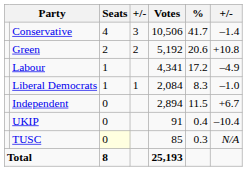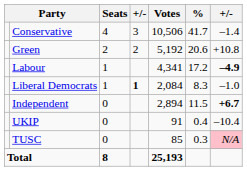 <table class="wikitable sortable">
 <tr>
 <th colspan="2">Party</th>
 <th>Seats</th>
 <th>+/-</th>
 <th>Votes</th>
 <th>%</th>
 <th>+/-</th>
 </tr>
 <tr>
 <td style="background-color: "></td>
 <td><a href='#'>Conservative</a></td>
 <td>4</td>
 <td> 3</td>
 <td style="text-align:right;">10,506</td>
 <td style="text-align:right;">41.7</td>
 <td style="text-align:right;">–1.4</td>
 </tr>
 <tr>
 <td style="background-color: "></td>
 <td><a href='#'>Green</a></td>
 <td>2</td>
 <td> 2</td>
 <td style="text-align:right;">5,192</td>
 <td style="text-align:right;">20.6</td>
 <td style="text-align:right;">+10.8</td>
 </tr>
 <tr>
 <td style="background-color: "></td>
 <td><a href='#'>Labour</a></td>
 <td>1</td>
 <td></td>
 <td style="text-align:right;">4,341</td>
 <td style="text-align:right;">17.2</td>
-<td style="text-align:right;">–4.9</td>
+<td style="text-align:right;"><strong>–4.9</strong></td>
 </tr>
 <tr>
 <td style="background-color: "></td>
 <td><a href='#'>Liberal Democrats</a></td>
 <td>1</td>
-<td> 1</td>
+<td><strong> 1</strong></td>
 <td style="text-align:right;">2,084</td>
 <td style="text-align:right;">8.3</td>
 <td style="text-align:right;">–1.0</td>
 </tr>
 <tr>
 <td style="background-color: "></td>
 <td><a href='#'>Independent</a></td>
 <td>0</td>
 <td></td>
 <td style="text-align:right;">2,894</td>
 <td style="text-align:right;">11.5</td>
-<td style="text-align:right;">+6.7</td>
+<td style="text-align:right;"><strong>+6.7</strong></td>
 </tr>
 <tr>
 <td style="background-color: "></td>
 <td><a href='#'>UKIP</a></td>
 <td>0</td>
 <td></td>
 <td style="text-align:right;">91</td>
 <td style="text-align:right;">0.4</td>
 <td style="text-align:right;">–10.4</td>
 </tr>
 <tr>
 <td style="background-color: "></td>
 <td><a href='#'>TUSC</a></td>
-<td style="background: lightyellow;">0</td>
+<td>0</td>
 <td></td>
 <td style="text-align:right;">85</td>
 <td style="text-align:right;">0.3</td>
-<td style="text-align:right;"><em>N/A</em></td>
+<td style="background: pink; text-align:right;"><em>N/A</em></td>
 </tr>
 <tr>
 <td colspan="2"><strong>Total</strong></td>
 <td><strong>8</strong></td>
 <td></td>
 <td style="text-align:right;"><strong>25,193</strong></td>
 <td style="text-align:right;"></td>
 <td style="text-align:right;"></td>
 </tr>
 </table>
